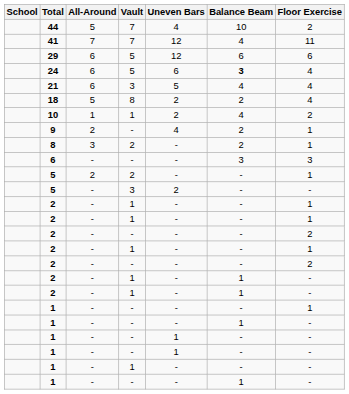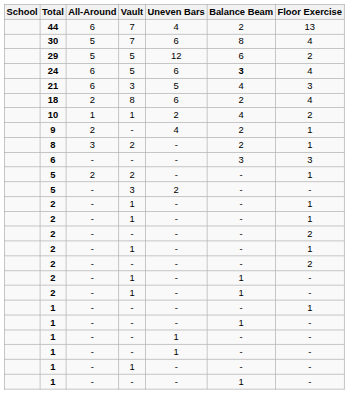 <table class="wikitable sortable"  style="font-size:90%; text-align: center;">
 <tr>
 <th>School</th>
 <th>Total</th>
 <th>All-Around</th>
 <th>Vault</th>
 <th>Uneven Bars</th>
 <th>Balance Beam</th>
 <th>Floor Exercise</th>
 </tr>
 <tr>
 <td><strong></strong></td>
 <td><strong>44</strong></td>
-<td>5</td>
+<td>6</td>
 <td>7</td>
 <td>4</td>
-<td>10</td>
 <td>2</td>
+<td>13</td>
 </tr>
 <tr>
 <td><strong></strong></td>
-<td><strong>41</strong></td>
+<td><strong>30</strong></td>
+<td>5</td>
 <td>7</td>
-<td>7</td>
-<td>12</td>
+<td>6</td>
+<td>8</td>
 <td>4</td>
-<td>11</td>
 </tr>
 <tr>
 <td><strong></strong></td>
 <td><strong>29</strong></td>
-<td>6</td>
+<td>5</td>
 <td>5</td>
 <td>12</td>
 <td>6</td>
-<td>6</td>
+<td>2</td>
 </tr>
 <tr>
 <td><strong></strong></td>
 <td><strong>24</strong></td>
 <td>6</td>
 <td>5</td>
 <td>6</td>
 <td><strong>3</strong></td>
 <td>4</td>
 </tr>
 <tr>
 <td><strong></strong></td>
 <td><strong>21</strong></td>
 <td>6</td>
 <td>3</td>
 <td>5</td>
 <td>4</td>
-<td>4</td>
+<td>3</td>
 </tr>
 <tr>
 <td><strong></strong></td>
 <td><strong>18</strong></td>
-<td>5</td>
+<td>2</td>
 <td>8</td>
-<td>2</td>
+<td>6</td>
 <td>2</td>
 <td>4</td>
 </tr>
 <tr>
 <td><strong></strong></td>
 <td><strong>10</strong></td>
 <td>1</td>
 <td>1</td>
 <td>2</td>
 <td>4</td>
 <td>2</td>
 </tr>
 <tr>
 <td><strong></strong></td>
 <td><strong>9</strong></td>
 <td>2</td>
 <td>-</td>
 <td>4</td>
 <td>2</td>
 <td>1</td>
 </tr>
 <tr>
 <td><strong></strong></td>
 <td><strong>8</strong></td>
 <td>3</td>
 <td>2</td>
 <td>-</td>
 <td>2</td>
 <td>1</td>
 </tr>
 <tr>
 <td><strong></strong></td>
 <td><strong>6</strong></td>
 <td>-</td>
 <td>-</td>
 <td>-</td>
 <td>3</td>
 <td>3</td>
 </tr>
 <tr>
 <td><strong></strong></td>
 <td><strong>5</strong></td>
 <td>2</td>
 <td>2</td>
 <td>-</td>
 <td>-</td>
 <td>1</td>
 </tr>
 <tr>
 <td><strong></strong></td>
 <td><strong>5</strong></td>
 <td>-</td>
 <td>3</td>
 <td>2</td>
 <td>-</td>
 <td>-</td>
 </tr>
 <tr>
 <td><strong></strong></td>
 <td><strong>2</strong></td>
 <td>-</td>
 <td>1</td>
 <td>-</td>
 <td>-</td>
 <td>1</td>
 </tr>
 <tr>
 <td><strong></strong></td>
 <td><strong>2</strong></td>
 <td>-</td>
 <td>1</td>
 <td>-</td>
 <td>-</td>
 <td>1</td>
 </tr>
 <tr>
 <td><strong></strong></td>
 <td><strong>2</strong></td>
 <td>-</td>
 <td>-</td>
 <td>-</td>
 <td>-</td>
 <td>2</td>
 </tr>
 <tr>
 <td><em></em></td>
 <td><strong>2</strong></td>
 <td>-</td>
 <td>1</td>
 <td>-</td>
 <td>-</td>
 <td>1</td>
 </tr>
 <tr>
 <td><strong></strong></td>
 <td><strong>2</strong></td>
 <td>-</td>
 <td>-</td>
 <td>-</td>
 <td>-</td>
 <td>2</td>
 </tr>
 <tr>
 <td><strong></strong></td>
 <td><strong>2</strong></td>
 <td>-</td>
 <td>1</td>
 <td>-</td>
 <td>1</td>
 <td>-</td>
 </tr>
 <tr>
 <td><strong></strong></td>
 <td><strong>2</strong></td>
 <td>-</td>
 <td>1</td>
 <td>-</td>
 <td>1</td>
 <td>-</td>
 </tr>
 <tr>
 <td><strong></strong></td>
 <td><strong>1</strong></td>
 <td>-</td>
 <td>-</td>
 <td>-</td>
 <td>-</td>
 <td>1</td>
 </tr>
 <tr>
 <td><em></em></td>
 <td><strong>1</strong></td>
 <td>-</td>
 <td>-</td>
 <td>-</td>
 <td>1</td>
 <td>-</td>
 </tr>
 <tr>
 <td><strong></strong></td>
 <td><strong>1</strong></td>
 <td>-</td>
 <td>-</td>
 <td>1</td>
 <td>-</td>
 <td>-</td>
 </tr>
 <tr>
 <td><strong></strong></td>
 <td><strong>1</strong></td>
 <td>-</td>
 <td>-</td>
 <td>1</td>
 <td>-</td>
 <td>-</td>
 </tr>
 <tr>
 <td><strong></strong></td>
 <td><strong>1</strong></td>
 <td>-</td>
 <td>1</td>
 <td>-</td>
 <td>-</td>
 <td>-</td>
 </tr>
 <tr>
 <td><strong></strong></td>
 <td><strong>1</strong></td>
 <td>-</td>
 <td>-</td>
 <td>-</td>
 <td>1</td>
 <td>-</td>
 </tr>
 </table>
